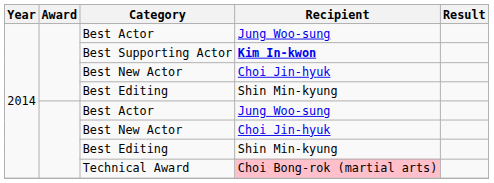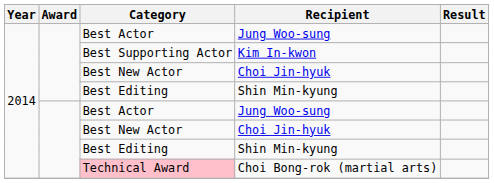 <table class="wikitable">
 <tr>
 <th>Year</th>
 <th>Award</th>
 <th>Category</th>
 <th>Recipient</th>
 <th>Result</th>
 </tr>
 <tr>
 <td rowspan=8>2014</td>
 <td rowspan=4></td>
 <td>Best Actor</td>
 <td><a href='#'>Jung Woo-sung</a></td>
 <td></td>
 </tr>
 <tr>
 <td>Best Supporting Actor</td>
-<td><strong><a href='#'>Kim In-kwon</a></strong></td>
+<td><a href='#'>Kim In-kwon</a></td>
 <td></td>
 </tr>
 <tr>
 <td>Best New Actor</td>
 <td><a href='#'>Choi Jin-hyuk</a></td>
 <td></td>
 </tr>
 <tr>
 <td>Best Editing</td>
 <td>Shin Min-kyung</td>
 <td></td>
 </tr>
 <tr>
 <td rowspan=4></td>
 <td>Best Actor</td>
 <td><a href='#'>Jung Woo-sung</a></td>
 <td></td>
 </tr>
 <tr>
 <td>Best New Actor</td>
 <td><a href='#'>Choi Jin-hyuk</a></td>
 <td></td>
 </tr>
 <tr>
 <td>Best Editing</td>
 <td>Shin Min-kyung</td>
 <td></td>
 </tr>
 <tr>
-<td>Technical Award</td>
-<td style="background: pink;">Choi Bong-rok (martial arts)</td>
+<td style="background: pink;">Technical Award</td>
+<td>Choi Bong-rok (martial arts)</td>
 <td></td>
 </tr>
 <tr>
 </tr>
 </table>
